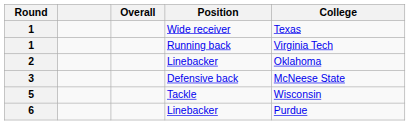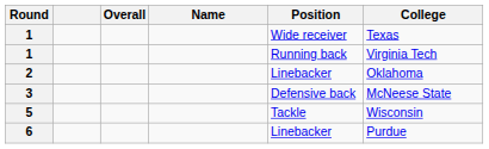 <table class="wikitable sortable">
 <tr>
 <th scope="col" style="width: 10%;">Round</th>
 <th scope="col" style="width: 10%;"></th>
 <th scope="col" style="width: 10%;">Overall</th>
+<th scope="col" style="width: 25%;">Name</th>
 <th scope="col" style="width: 20%;">Position</th>
 <th scope="col" style="width: 25%;">College</th>
 </tr>
 <tr>
 <th scope="row">1</th>
+<td></td>
 <td></td>
 <td></td>
 <td><a href='#'>Wide receiver</a></td>
 <td><a href='#'>Texas</a></td>
 </tr>
 <tr>
 <th scope="row">1</th>
 <td></td>
 <td></td>
+<td></td>
 <td><a href='#'>Running back</a></td>
 <td><a href='#'>Virginia Tech</a></td>
 </tr>
 <tr>
 <th scope="row">2</th>
+<td></td>
 <td></td>
 <td></td>
 <td><a href='#'>Linebacker</a></td>
 <td><a href='#'>Oklahoma</a></td>
 </tr>
 <tr>
 <th scope="row">3</th>
 <td></td>
 <td></td>
+<td></td>
 <td><a href='#'>Defensive back</a></td>
 <td><a href='#'>McNeese State</a></td>
 </tr>
 <tr>
 <th scope="row">5</th>
+<td></td>
 <td></td>
 <td></td>
 <td><a href='#'>Tackle</a></td>
 <td><a href='#'>Wisconsin</a></td>
 </tr>
 <tr>
 <th scope="row">6</th>
 <td></td>
 <td></td>
+<td></td>
 <td><a href='#'>Linebacker</a></td>
 <td><a href='#'>Purdue</a></td>
 </tr>
 </table>
